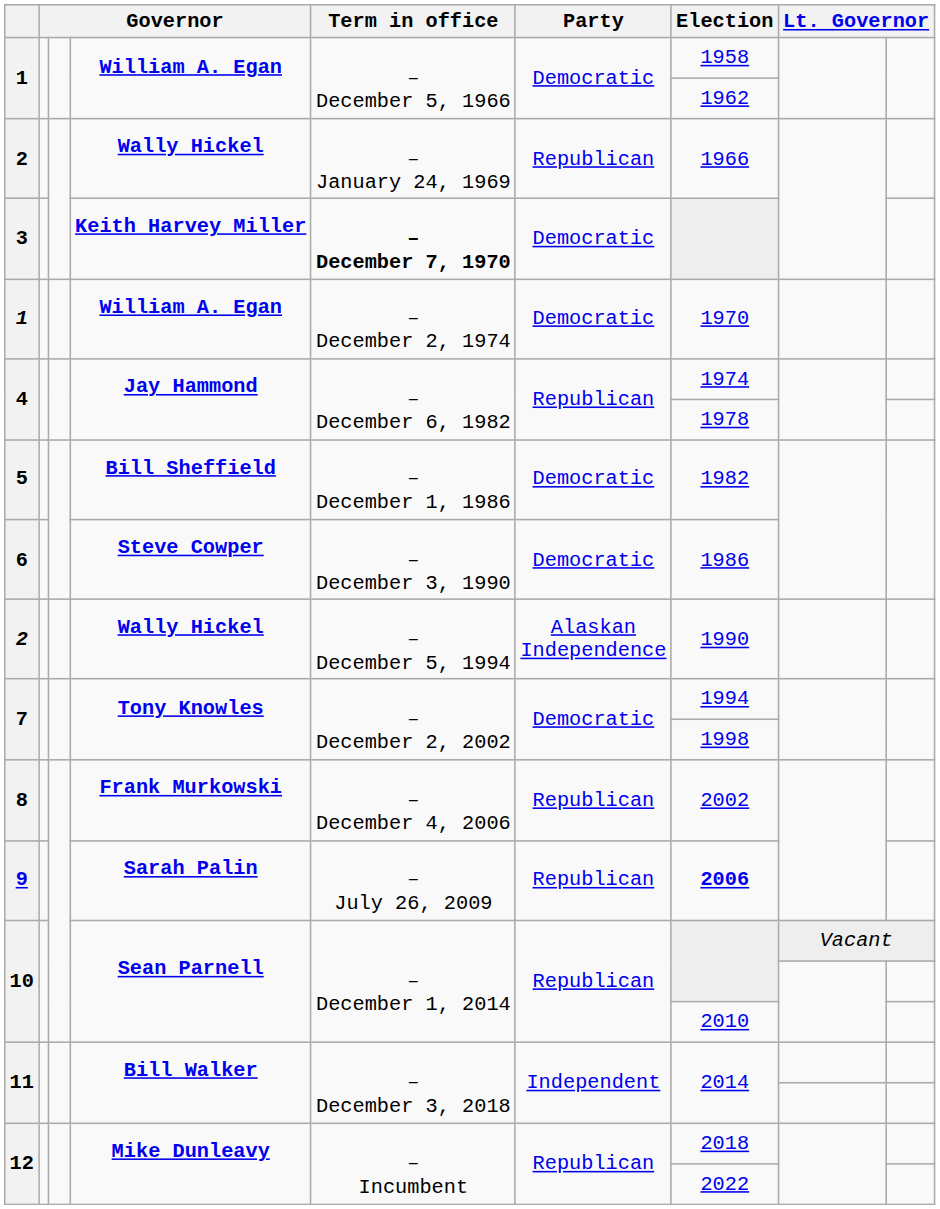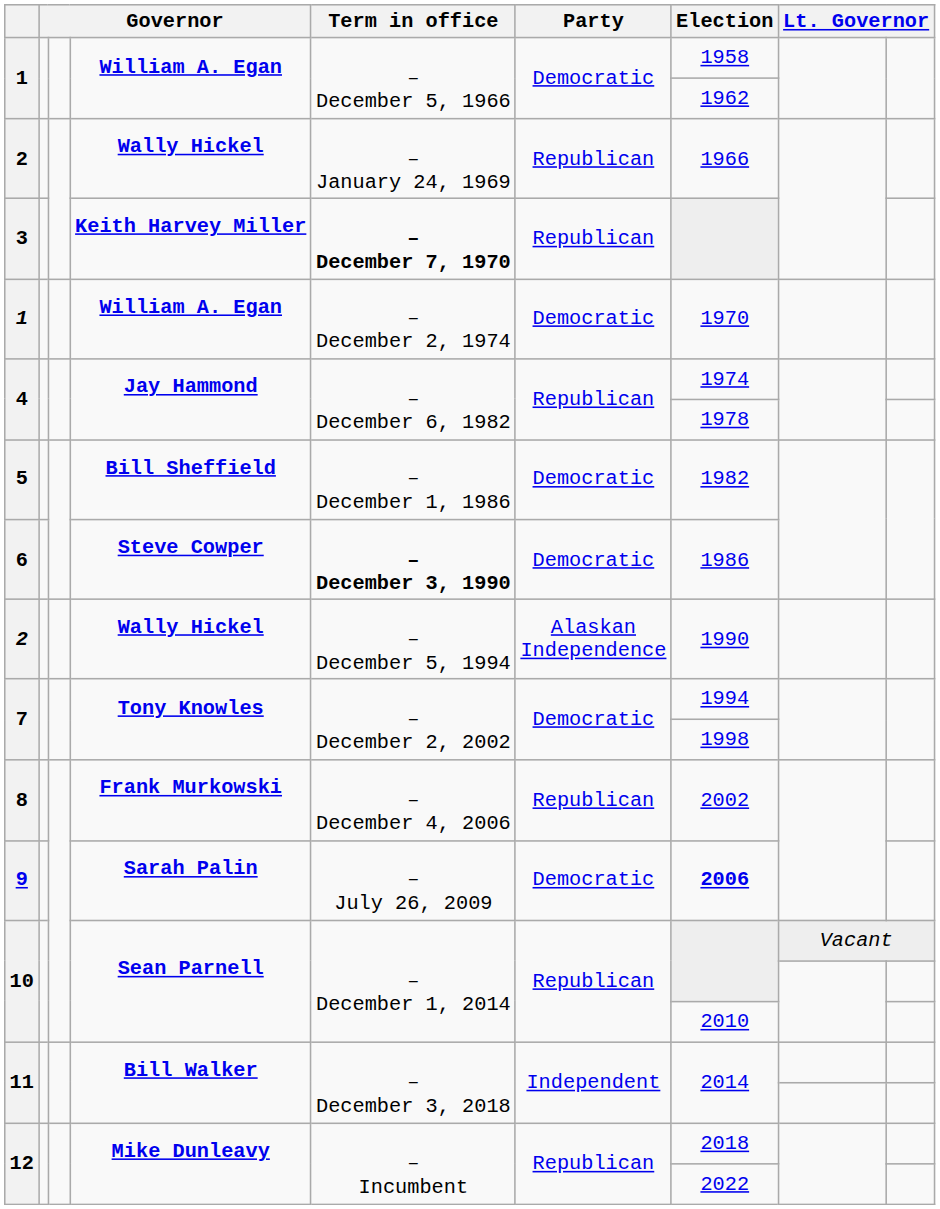 <table class="wikitable sortable mw-collapsible sticky-header-multi" style="text-align:center;">
 <tr>
 <th scope="col" data-sort-type="number"></th>
 <th scope="colgroup" colspan="3">Governor</th>
 <th scope="col">Term in office</th>
 <th scope="col">Party</th>
 <th scope="col">Election</th>
 <th scope="colgroup" colspan="2"><a href='#'>Lt. Governor</a></th>
 </tr>
 <tr style="height:2em;">
 <th rowspan="2" scope="rowgroup">1</th>
 <td rowspan="2" data-sort-value="Egan, William"></td>
 <td rowspan="2" style="background: "> </td>
 <td rowspan="2"><strong><a href='#'>William A. Egan</a></strong><br><br></td>
 <td rowspan="2"><br>–<br>December 5, 1966<br></td>
 <td rowspan="2"><a href='#'>Democratic</a></td>
 <td><a href='#'>1958</a></td>
 <td rowspan="2" style="background:"> </td>
 <td rowspan="2"></td>
 </tr>
 <tr style="height:2em;">
 <td><a href='#'>1962</a></td>
 </tr>
 <tr style="height:2em;">
 <th scope="row">2</th>
 <td data-sort-value="Hickel, Wally"></td>
 <td rowspan="2" style="color:inherit;background: "></td>
 <td><strong><a href='#'>Wally Hickel</a></strong><br><br></td>
 <td><br>–<br>January 24, 1969<br></td>
 <td><a href='#'>Republican</a></td>
 <td><a href='#'>1966</a></td>
 <td rowspan="2" style="color:inherit;background: "></td>
 <td></td>
 </tr>
 <tr style="height:2em;">
 <th scope="row">3</th>
 <td data-sort-value="Miller, Keith"></td>
 <td><strong><a href='#'>Keith Harvey Miller</a></strong><br><br></td>
 <td><strong><br>–<br>December 7, 1970<br></strong></td>
-<td><a href='#'>Democratic</a></td>
+<td><a href='#'>Republican</a></td>
 <td style="background:#EEEEEE;"></td>
 <td></td>
 </tr>
 <tr style="height:2em;">
 <th scope="row"><em>1</em></th>
 <td data-sort-value="Egan, William"></td>
 <td style="color:inherit;background: "></td>
 <td><strong><a href='#'>William A. Egan</a></strong><br><br></td>
 <td><br>–<br>December 2, 1974<br></td>
 <td><a href='#'>Democratic</a></td>
 <td><a href='#'>1970</a></td>
 <td style="color:inherit;background: "></td>
 <td></td>
 </tr>
 <tr style="height:2em;">
 <th rowspan="2" scope="rowgroup">4</th>
 <td rowspan="2" data-sort-value="Hammond, Jay"></td>
 <td rowspan="2" style="color:inherit;background: "></td>
 <td rowspan="2"><strong><a href='#'>Jay Hammond</a></strong><br><br></td>
 <td rowspan="2"><br>–<br>December 6, 1982<br></td>
 <td rowspan="2"><a href='#'>Republican</a></td>
 <td><a href='#'>1974</a></td>
 <td rowspan="2" style="color:inherit;background: "></td>
 <td></td>
 </tr>
 <tr style="height:2em;">
 <td><a href='#'>1978</a></td>
 <td></td>
 </tr>
 <tr style="height:2em;">
 <th scope="row">5</th>
 <td data-sort-value="Sheffield, Bill"></td>
 <td rowspan="2" style="color:inherit;background: "></td>
 <td><strong><a href='#'>Bill Sheffield</a></strong><br><br></td>
 <td><br>–<br>December 1, 1986<br></td>
 <td><a href='#'>Democratic</a></td>
 <td><a href='#'>1982</a></td>
 <td rowspan="2" style="color:inherit;background: "></td>
 <td rowspan="2"></td>
 </tr>
 <tr style="height:2em;">
 <th scope="row">6</th>
 <td data-sort-value="Cowper, Steve"></td>
 <td><strong><a href='#'>Steve Cowper</a></strong><br><br></td>
-<td><br>–<br>December 3, 1990<br></td>
+<td><strong><br>–<br>December 3, 1990<br></strong></td>
 <td><a href='#'>Democratic</a></td>
 <td><a href='#'>1986</a></td>
 </tr>
 <tr style="height:2em;">
 <th scope="row"><em>2</em></th>
 <td data-sort-value="Hickel, Wally"></td>
 <td style="color:inherit;background:"></td>
 <td><strong><a href='#'>Wally Hickel</a></strong><br><br></td>
 <td><br>–<br>December 5, 1994<br></td>
 <td><a href='#'>Alaskan<br>Independence</a></td>
 <td><a href='#'>1990</a></td>
 <td style="color:inherit;background:"></td>
 <td></td>
 </tr>
 <tr style="height:2em;">
 <th rowspan="2" scope="rowgroup">7</th>
 <td rowspan="2" data-sort-value="Knowles, Tony"></td>
 <td rowspan="2" style="color:inherit;background: "></td>
 <td rowspan="2"><strong><a href='#'>Tony Knowles</a></strong><br><br></td>
 <td rowspan="2"><br>–<br>December 2, 2002<br></td>
 <td rowspan="2"><a href='#'>Democratic</a></td>
 <td><a href='#'>1994</a></td>
 <td rowspan="2" style="color:inherit;background: "></td>
 <td rowspan="2"></td>
 </tr>
 <tr style="height:2em;">
 <td><a href='#'>1998</a></td>
 </tr>
 <tr style="height:2em;">
 <th scope="row">8</th>
 <td data-sort-value="Murkowski, Frank"></td>
 <td rowspan="5" style="color:inherit;background: "></td>
 <td><strong><a href='#'>Frank Murkowski</a></strong><br><br></td>
 <td><br>–<br>December 4, 2006<br></td>
 <td><a href='#'>Republican</a></td>
 <td><a href='#'>2002</a></td>
 <td rowspan="2" style="color:inherit;background: "></td>
 <td></td>
 </tr>
 <tr style="height:2em;">
 <th scope="row"><a href='#'>9</a></th>
 <td data-sort-value="Palin, Sarah"></td>
 <td><strong><a href='#'>Sarah Palin</a></strong><br><br></td>
 <td><br>–<br>July 26, 2009<br></td>
-<td><a href='#'>Republican</a></td>
+<td><a href='#'>Democratic</a></td>
 <td><strong><a href='#'>2006</a></strong></td>
 <td></td>
 </tr>
 <tr style="height:2em;">
 <th rowspan="3" scope="rowgroup">10</th>
 <td rowspan="3" data-sort-value="Parnell, Sean"></td>
 <td rowspan="3"><strong><a href='#'>Sean Parnell</a></strong><br><br></td>
 <td rowspan="3"><br>–<br>December 1, 2014<br></td>
 <td rowspan="3"><a href='#'>Republican</a></td>
 <td rowspan="2" style="background:#EEEEEE;"></td>
 <td colspan="2" style="background:#EEEEEE;"><em>Vacant</em></td>
 </tr>
 <tr style="height:2em;">
 <td rowspan="2" style="color:inherit;background: "></td>
 <td><br></td>
 </tr>
 <tr style="height:2em;">
 <td><a href='#'>2010</a></td>
 <td></td>
 </tr>
 <tr style="height:2em;">
 <th rowspan="2" scope="rowgroup">11</th>
 <td rowspan="2" data-sort-value="Walker, Bill"></td>
 <td rowspan="2" style="color:inherit;background:"></td>
 <td rowspan="2"><strong><a href='#'>Bill Walker</a></strong><br><br></td>
 <td rowspan="2"><br>–<br>December 3, 2018<br></td>
 <td rowspan="2"><a href='#'>Independent</a></td>
 <td rowspan="2"><a href='#'>2014</a></td>
 <td style="color:inherit;background: "></td>
 <td><br></td>
 </tr>
 <tr style="height:2em;">
 <td style="color:inherit;background: "></td>
 <td></td>
 </tr>
 <tr style="height:2em;">
 <th rowspan="2" scope="rowgroup">12</th>
 <td rowspan="2" data-sort-value="Dunleavy, Mike"></td>
 <td rowspan="2" style="color:inherit;background:"></td>
 <td rowspan="2"><strong><a href='#'>Mike Dunleavy</a></strong><br><br></td>
 <td rowspan="2"><br>–<br>Incumbent</td>
 <td rowspan="2"><a href='#'>Republican</a></td>
 <td><a href='#'>2018</a></td>
 <td rowspan="2" style="color:inherit;background:"></td>
 <td></td>
 </tr>
 <tr style="height:2em;">
 <td><a href='#'>2022</a></td>
 <td></td>
 </tr>
 </table>
